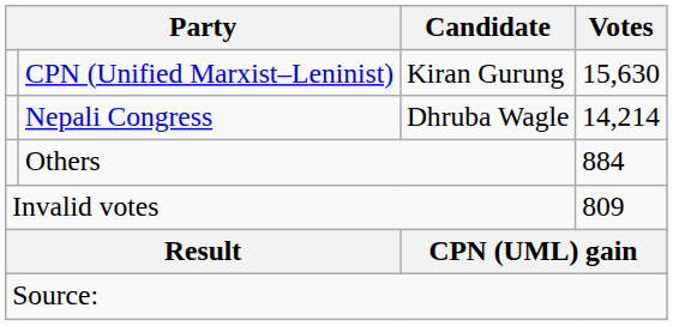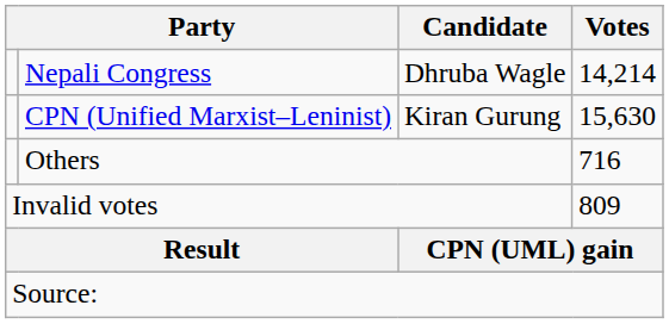 <table class="wikitable">
 <tr>
 <th colspan="2">Party</th>
 <th>Candidate</th>
 <th>Votes</th>
 </tr>
 <tr>
 <td style="background-color:"></td>
+<td><a href='#'>Nepali Congress</a></td>
+<td>Dhruba Wagle</td>
+<td>14,214</td>
+</tr>
+<tr>
+<td style="background-color:"></td>
 <td><a href='#'>CPN (Unified Marxist–Leninist)</a></td>
 <td>Kiran Gurung</td>
 <td>15,630</td>
 </tr>
 <tr>
-<td style="background-color:"></td>
-<td><a href='#'>Nepali Congress</a></td>
-<td>Dhruba Wagle</td>
-<td>14,214</td>
-</tr>
-<tr>
 <td></td>
 <td colspan="2">Others</td>
-<td>884</td>
+<td>716</td>
 </tr>
 <tr>
 <td colspan="3">Invalid votes</td>
 <td>809</td>
 </tr>
 <tr>
 <th colspan="2">Result</th>
 <th colspan="2">CPN (UML) gain</th>
 </tr>
 <tr>
 <td colspan="4">Source: </td>
 </tr>
 </table>
